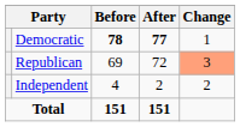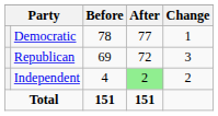 <table class="wikitable" style="text-align:center;">
 <tr>
 </tr>
 <tr>
 <th colspan=2>Party</th>
 <th>Before</th>
 <th>After</th>
 <th>Change</th>
 </tr>
 <tr>
 <th style="background-color:"></th>
 <td style="text-align:left;"><a href='#'>Democratic</a></td>
-<td><strong>78</strong></td>
-<td><strong>77</strong></td>
+<td>78</td>
+<td>77</td>
 <td> 1</td>
 </tr>
 <tr>
 <th style="background-color:"></th>
 <td style="text-align:left;"><a href='#'>Republican</a></td>
 <td>69</td>
 <td>72</td>
-<td style="background: lightsalmon;"> 3</td>
+<td> 3</td>
 </tr>
 <tr>
 <th style="background-color:"></th>
 <td style="text-align:left;"><a href='#'>Independent</a></td>
 <td>4</td>
-<td>2</td>
+<td style="background: lightgreen;">2</td>
 <td> 2</td>
 </tr>
 <tr>
 <td colspan=2><strong>Total</strong></td>
 <td><strong>151</strong></td>
 <td><strong>151</strong></td>
 <td></td>
 </tr>
 </table>
